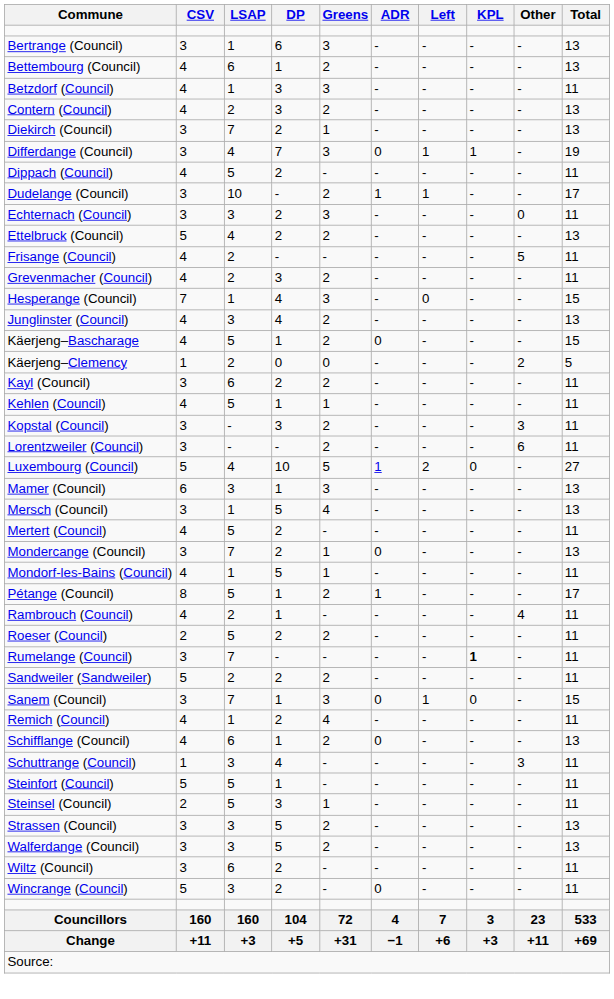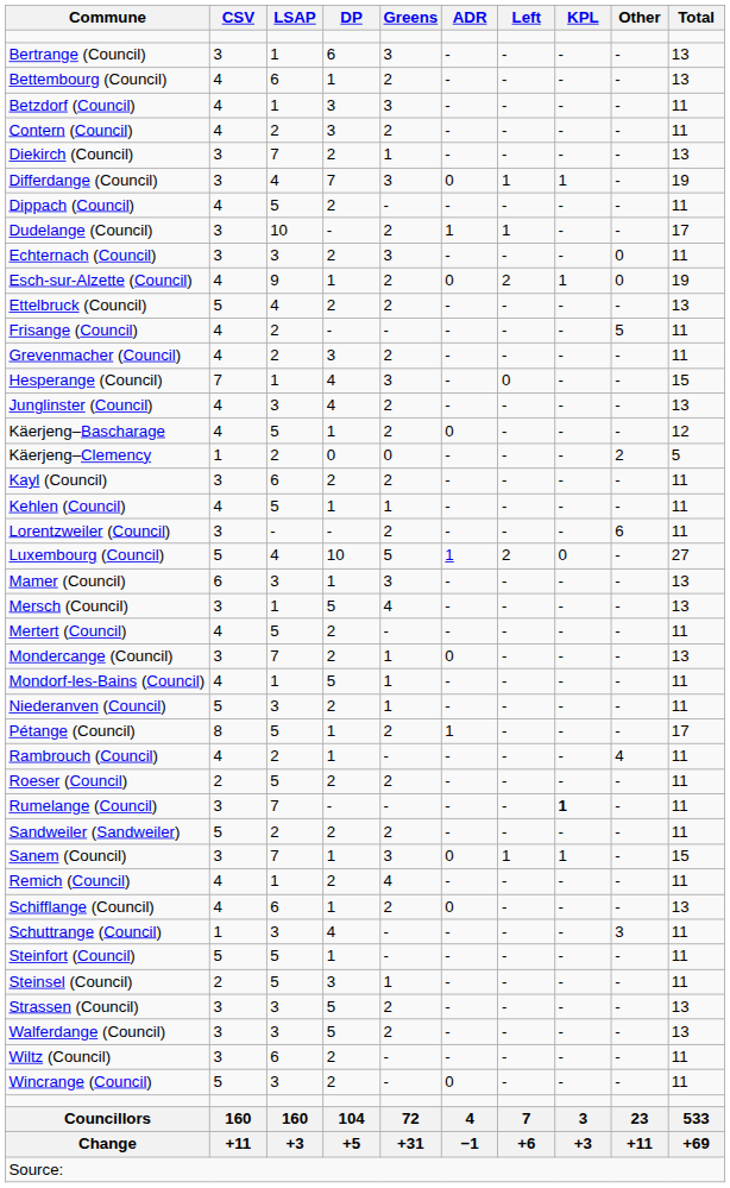 <table class="wikitable sortable">
 <tr>
 <th width=200px>Commune</th>
 <th width=50px><a href='#'>CSV</a></th>
 <th width=50px><a href='#'>LSAP</a></th>
 <th width=50px><a href='#'>DP</a></th>
 <th width=50px><a href='#'>Greens</a></th>
 <th width=50px><a href='#'>ADR</a></th>
 <th width=50px><a href='#'>Left</a></th>
 <th width=50px><a href='#'>KPL</a></th>
 <th width=50px>Other</th>
 <th width=50px>Total</th>
 </tr>
 <tr>
 <td></td>
 <td height=5px></td>
 <td></td>
 <td></td>
 <td></td>
 <td></td>
 <td></td>
 <td></td>
 <td></td>
 <td></td>
 </tr>
 <tr>
 <td><a href='#'>Bertrange</a> (Council)</td>
 <td>3</td>
 <td>1</td>
 <td>6</td>
 <td>3</td>
 <td>-</td>
 <td>-</td>
 <td>-</td>
 <td>-</td>
 <td>13</td>
 </tr>
 <tr>
 <td><a href='#'>Bettembourg</a> (Council)</td>
 <td>4</td>
 <td>6</td>
 <td>1</td>
 <td>2</td>
 <td>-</td>
 <td>-</td>
 <td>-</td>
 <td>-</td>
 <td>13</td>
 </tr>
 <tr>
 <td><a href='#'>Betzdorf</a> (<a href='#'>Council</a>)</td>
 <td>4</td>
 <td>1</td>
 <td>3</td>
 <td>3</td>
 <td>-</td>
 <td>-</td>
 <td>-</td>
 <td>-</td>
 <td>11</td>
 </tr>
 <tr>
 <td><a href='#'>Contern</a> (<a href='#'>Council</a>)</td>
 <td>4</td>
 <td>2</td>
 <td>3</td>
 <td>2</td>
 <td>-</td>
 <td>-</td>
 <td>-</td>
 <td>-</td>
-<td>13</td>
+<td>11</td>
 </tr>
 <tr>
 <td><a href='#'>Diekirch</a> (Council)</td>
 <td>3</td>
 <td>7</td>
 <td>2</td>
 <td>1</td>
 <td>-</td>
 <td>-</td>
 <td>-</td>
 <td>-</td>
 <td>13</td>
 </tr>
 <tr>
 <td><a href='#'>Differdange</a> (Council)</td>
 <td>3</td>
 <td>4</td>
 <td>7</td>
 <td>3</td>
 <td>0</td>
 <td>1</td>
 <td>1</td>
 <td>-</td>
 <td>19</td>
 </tr>
 <tr>
 <td><a href='#'>Dippach</a> (<a href='#'>Council</a>)</td>
 <td>4</td>
 <td>5</td>
 <td>2</td>
 <td>-</td>
 <td>-</td>
 <td>-</td>
 <td>-</td>
 <td>-</td>
 <td>11</td>
 </tr>
 <tr>
 <td><a href='#'>Dudelange</a> (Council)</td>
 <td>3</td>
 <td>10</td>
 <td>-</td>
 <td>2</td>
 <td>1</td>
 <td>1</td>
 <td>-</td>
 <td>-</td>
 <td>17</td>
 </tr>
 <tr>
 <td><a href='#'>Echternach</a> (<a href='#'>Council</a>)</td>
 <td>3</td>
 <td>3</td>
 <td>2</td>
 <td>3</td>
 <td>-</td>
 <td>-</td>
 <td>-</td>
 <td>0</td>
 <td>11</td>
+</tr>
+<tr>
+<td><a href='#'>Esch-sur-Alzette</a> (<a href='#'>Council</a>)</td>
+<td>4</td>
+<td>9</td>
+<td>1</td>
+<td>2</td>
+<td>0</td>
+<td>2</td>
+<td>1</td>
+<td>0</td>
+<td>19</td>
 </tr>
 <tr>
 <td><a href='#'>Ettelbruck</a> (Council)</td>
 <td>5</td>
 <td>4</td>
 <td>2</td>
 <td>2</td>
 <td>-</td>
 <td>-</td>
 <td>-</td>
 <td>-</td>
 <td>13</td>
 </tr>
 <tr>
 <td><a href='#'>Frisange</a> (<a href='#'>Council</a>)</td>
 <td>4</td>
 <td>2</td>
 <td>-</td>
 <td>-</td>
 <td>-</td>
 <td>-</td>
 <td>-</td>
 <td>5</td>
 <td>11</td>
 </tr>
 <tr>
 <td><a href='#'>Grevenmacher</a> (<a href='#'>Council</a>)</td>
 <td>4</td>
 <td>2</td>
 <td>3</td>
 <td>2</td>
 <td>-</td>
 <td>-</td>
 <td>-</td>
 <td>-</td>
 <td>11</td>
 </tr>
 <tr>
 <td><a href='#'>Hesperange</a> (Council)</td>
 <td>7</td>
 <td>1</td>
 <td>4</td>
 <td>3</td>
 <td>-</td>
 <td>0</td>
 <td>-</td>
 <td>-</td>
 <td>15</td>
 </tr>
 <tr>
 <td><a href='#'>Junglinster</a> (<a href='#'>Council</a>)</td>
 <td>4</td>
 <td>3</td>
 <td>4</td>
 <td>2</td>
 <td>-</td>
 <td>-</td>
 <td>-</td>
 <td>-</td>
 <td>13</td>
 </tr>
 <tr>
 <td>Käerjeng–<a href='#'>Bascharage</a></td>
 <td>4</td>
 <td>5</td>
 <td>1</td>
 <td>2</td>
 <td>0</td>
 <td>-</td>
 <td>-</td>
 <td>-</td>
-<td>15</td>
+<td>12</td>
 </tr>
 <tr>
 <td>Käerjeng–<a href='#'>Clemency</a></td>
 <td>1</td>
 <td>2</td>
 <td>0</td>
 <td>0</td>
 <td>-</td>
 <td>-</td>
 <td>-</td>
 <td>2</td>
 <td>5</td>
 </tr>
 <tr>
 <td><a href='#'>Kayl</a> (Council)</td>
 <td>3</td>
 <td>6</td>
 <td>2</td>
 <td>2</td>
 <td>-</td>
 <td>-</td>
 <td>-</td>
 <td>-</td>
 <td>11</td>
 </tr>
 <tr>
 <td><a href='#'>Kehlen</a> (<a href='#'>Council</a>)</td>
 <td>4</td>
 <td>5</td>
 <td>1</td>
 <td>1</td>
 <td>-</td>
 <td>-</td>
 <td>-</td>
 <td>-</td>
-<td>11</td>
-</tr>
-<tr>
-<td><a href='#'>Kopstal</a> (<a href='#'>Council</a>)</td>
-<td>3</td>
-<td>-</td>
-<td>3</td>
-<td>2</td>
-<td>-</td>
-<td>-</td>
-<td>-</td>
-<td>3</td>
 <td>11</td>
 </tr>
 <tr>
 <td><a href='#'>Lorentzweiler</a> (<a href='#'>Council</a>)</td>
 <td>3</td>
 <td>-</td>
 <td>-</td>
 <td>2</td>
 <td>-</td>
 <td>-</td>
 <td>-</td>
 <td>6</td>
 <td>11</td>
 </tr>
 <tr>
 <td><a href='#'>Luxembourg</a> (<a href='#'>Council</a>)</td>
 <td>5</td>
 <td>4</td>
 <td>10</td>
 <td>5</td>
 <td><a href='#'>1</a></td>
 <td>2</td>
 <td>0</td>
 <td>-</td>
 <td>27</td>
 </tr>
 <tr>
 <td><a href='#'>Mamer</a> (Council)</td>
 <td>6</td>
 <td>3</td>
 <td>1</td>
 <td>3</td>
 <td>-</td>
 <td>-</td>
 <td>-</td>
 <td>-</td>
 <td>13</td>
 </tr>
 <tr>
 <td><a href='#'>Mersch</a> (Council)</td>
 <td>3</td>
 <td>1</td>
 <td>5</td>
 <td>4</td>
 <td>-</td>
 <td>-</td>
 <td>-</td>
 <td>-</td>
 <td>13</td>
 </tr>
 <tr>
 <td><a href='#'>Mertert</a> (<a href='#'>Council</a>)</td>
 <td>4</td>
 <td>5</td>
 <td>2</td>
 <td>-</td>
 <td>-</td>
 <td>-</td>
 <td>-</td>
 <td>-</td>
 <td>11</td>
 </tr>
 <tr>
 <td><a href='#'>Mondercange</a> (Council)</td>
 <td>3</td>
 <td>7</td>
 <td>2</td>
 <td>1</td>
 <td>0</td>
 <td>-</td>
 <td>-</td>
 <td>-</td>
 <td>13</td>
 </tr>
 <tr>
 <td><a href='#'>Mondorf-les-Bains</a> (<a href='#'>Council</a>)</td>
 <td>4</td>
 <td>1</td>
 <td>5</td>
 <td>1</td>
 <td>-</td>
 <td>-</td>
 <td>-</td>
 <td>-</td>
 <td>11</td>
 </tr>
 <tr>
+<td><a href='#'>Niederanven</a> (<a href='#'>Council</a>)</td>
+<td>5</td>
+<td>3</td>
+<td>2</td>
+<td>1</td>
+<td>-</td>
+<td>-</td>
+<td>-</td>
+<td>-</td>
+<td>11</td>
+</tr>
+<tr>
 <td><a href='#'>Pétange</a> (Council)</td>
 <td>8</td>
 <td>5</td>
 <td>1</td>
 <td>2</td>
 <td>1</td>
 <td>-</td>
 <td>-</td>
 <td>-</td>
 <td>17</td>
 </tr>
 <tr>
 <td><a href='#'>Rambrouch</a> (<a href='#'>Council</a>)</td>
 <td>4</td>
 <td>2</td>
 <td>1</td>
 <td>-</td>
 <td>-</td>
 <td>-</td>
 <td>-</td>
 <td>4</td>
 <td>11</td>
 </tr>
 <tr>
 <td><a href='#'>Roeser</a> (<a href='#'>Council</a>)</td>
 <td>2</td>
 <td>5</td>
 <td>2</td>
 <td>2</td>
 <td>-</td>
 <td>-</td>
 <td>-</td>
 <td>-</td>
 <td>11</td>
 </tr>
 <tr>
 <td><a href='#'>Rumelange</a> (<a href='#'>Council</a>)</td>
 <td>3</td>
 <td>7</td>
 <td>-</td>
 <td>-</td>
 <td>-</td>
 <td>-</td>
 <td><strong>1</strong></td>
 <td>-</td>
 <td>11</td>
 </tr>
 <tr>
 <td><a href='#'>Sandweiler</a> (<a href='#'>Sandweiler</a>)</td>
 <td>5</td>
 <td>2</td>
 <td>2</td>
 <td>2</td>
 <td>-</td>
 <td>-</td>
 <td>-</td>
 <td>-</td>
 <td>11</td>
 </tr>
 <tr>
 <td><a href='#'>Sanem</a> (Council)</td>
 <td>3</td>
 <td>7</td>
 <td>1</td>
 <td>3</td>
 <td>0</td>
 <td>1</td>
-<td>0</td>
+<td>1</td>
 <td>-</td>
 <td>15</td>
 </tr>
 <tr>
 <td><a href='#'>Remich</a> (<a href='#'>Council</a>)</td>
 <td>4</td>
 <td>1</td>
 <td>2</td>
 <td>4</td>
 <td>-</td>
 <td>-</td>
 <td>-</td>
 <td>-</td>
 <td>11</td>
 </tr>
 <tr>
 <td><a href='#'>Schifflange</a> (Council)</td>
 <td>4</td>
 <td>6</td>
 <td>1</td>
 <td>2</td>
 <td>0</td>
 <td>-</td>
 <td>-</td>
 <td>-</td>
 <td>13</td>
 </tr>
 <tr>
 <td><a href='#'>Schuttrange</a> (<a href='#'>Council</a>)</td>
 <td>1</td>
 <td>3</td>
 <td>4</td>
 <td>-</td>
 <td>-</td>
 <td>-</td>
 <td>-</td>
 <td>3</td>
 <td>11</td>
 </tr>
 <tr>
 <td><a href='#'>Steinfort</a> (<a href='#'>Council</a>)</td>
 <td>5</td>
 <td>5</td>
 <td>1</td>
 <td>-</td>
 <td>-</td>
 <td>-</td>
 <td>-</td>
 <td>-</td>
 <td>11</td>
 </tr>
 <tr>
 <td><a href='#'>Steinsel</a> (Council)</td>
 <td>2</td>
 <td>5</td>
 <td>3</td>
 <td>1</td>
 <td>-</td>
 <td>-</td>
 <td>-</td>
 <td>-</td>
 <td>11</td>
 </tr>
 <tr>
 <td><a href='#'>Strassen</a> (Council)</td>
 <td>3</td>
 <td>3</td>
 <td>5</td>
 <td>2</td>
 <td>-</td>
 <td>-</td>
 <td>-</td>
 <td>-</td>
 <td>13</td>
 </tr>
 <tr>
 <td><a href='#'>Walferdange</a> (Council)</td>
 <td>3</td>
 <td>3</td>
 <td>5</td>
 <td>2</td>
 <td>-</td>
 <td>-</td>
 <td>-</td>
 <td>-</td>
 <td>13</td>
 </tr>
 <tr>
 <td><a href='#'>Wiltz</a> (Council)</td>
 <td>3</td>
 <td>6</td>
 <td>2</td>
 <td>-</td>
 <td>-</td>
 <td>-</td>
 <td>-</td>
 <td>-</td>
 <td>11</td>
 </tr>
 <tr>
 <td><a href='#'>Wincrange</a> (<a href='#'>Council</a>)</td>
 <td>5</td>
 <td>3</td>
 <td>2</td>
 <td>-</td>
 <td>0</td>
 <td>-</td>
 <td>-</td>
 <td>-</td>
 <td>11</td>
 </tr>
 <tr>
 <td></td>
 <td height=5px></td>
 <td></td>
 <td></td>
 <td></td>
 <td></td>
 <td></td>
 <td></td>
 <td></td>
 <td></td>
 </tr>
 <tr class="sortbottom">
 <th>Councillors</th>
 <th>160</th>
 <th>160</th>
 <th>104</th>
 <th>72</th>
 <th>4</th>
 <th>7</th>
 <th>3</th>
 <th>23</th>
 <th>533</th>
 </tr>
 <tr class="sortbottom">
 <th>Change</th>
 <th>+11</th>
 <th>+3</th>
 <th>+5</th>
 <th>+31</th>
 <th>−1</th>
 <th>+6</th>
 <th>+3</th>
 <th>+11</th>
 <th>+69</th>
 </tr>
 <tr class="sortbottom">
 <td colspan=10>Source: </td>
 </tr>
 </table>
